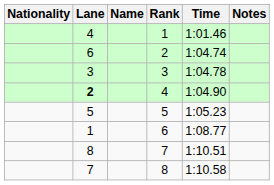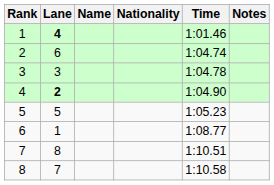 <table class="wikitable sortable" style="text-align:center">
 <tr>
-<th>Nationality</th>
+<th>Rank</th>
 <th>Lane</th>
 <th>Name</th>
-<th>Rank</th>
+<th>Nationality</th>
 <th>Time</th>
 <th>Notes</th>
 </tr>
 <tr bgcolor=ccffcc>
+<td>1</td>
+<td><strong>4</strong></td>
 <td align=left></td>
-<td>4</td>
 <td align=left></td>
-<td>1</td>
 <td>1:01.46</td>
 <td><strong></strong></td>
 </tr>
 <tr bgcolor=ccffcc>
-<td align=left></td>
+<td>2</td>
 <td>6</td>
 <td align=left></td>
-<td>2</td>
+<td align=left></td>
 <td>1:04.74</td>
 <td><strong></strong></td>
 </tr>
 <tr bgcolor=ccffcc>
-<td align=left></td>
+<td>3</td>
 <td>3</td>
 <td align=left></td>
-<td>3</td>
+<td align=left></td>
 <td>1:04.78</td>
 <td><strong></strong></td>
 </tr>
 <tr bgcolor=ccffcc>
-<td align=left></td>
+<td>4</td>
 <td><strong>2</strong></td>
 <td align=left></td>
-<td>4</td>
+<td align=left></td>
 <td>1:04.90</td>
 <td><strong></strong></td>
 </tr>
 <tr>
-<td align=left></td>
+<td>5</td>
 <td>5</td>
 <td align=left></td>
-<td>5</td>
+<td align=left></td>
 <td>1:05.23</td>
 <td></td>
 </tr>
 <tr>
-<td align=left></td>
+<td>6</td>
 <td>1</td>
 <td align=left></td>
-<td>6</td>
+<td align=left></td>
 <td>1:08.77</td>
 <td></td>
 </tr>
 <tr>
-<td align=left></td>
+<td>7</td>
 <td>8</td>
 <td align=left></td>
-<td>7</td>
+<td align=left></td>
 <td>1:10.51</td>
 <td></td>
 </tr>
 <tr>
-<td align=left></td>
+<td>8</td>
 <td>7</td>
 <td align=left></td>
-<td>8</td>
+<td align=left></td>
 <td>1:10.58</td>
 <td></td>
 </tr>
 </table>
